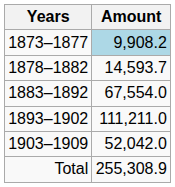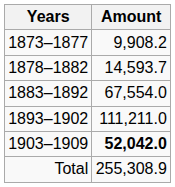 <table class=wikitable align=right style="text-align: right; margin: 0 0 0 1em;">
 <tr>
 <th>Years</th>
 <th>Amount</th>
 </tr>
 <tr align=right>
 <td>1873–1877</td>
-<td style="background: lightblue;">9,908.2</td>
+<td>9,908.2</td>
 </tr>
 <tr align=right>
 <td>1878–1882</td>
 <td>14,593.7</td>
 </tr>
 <tr align=right>
 <td>1883–1892</td>
 <td>67,554.0</td>
 </tr>
 <tr align=right>
 <td>1893–1902</td>
 <td>111,211.0</td>
 </tr>
 <tr align=right>
 <td>1903–1909</td>
-<td>52,042.0</td>
+<td><strong>52,042.0</strong></td>
 </tr>
 <tr align=right>
 <td>Total</td>
 <td>255,308.9</td>
 </tr>
 </table>
